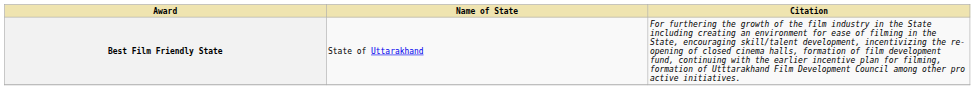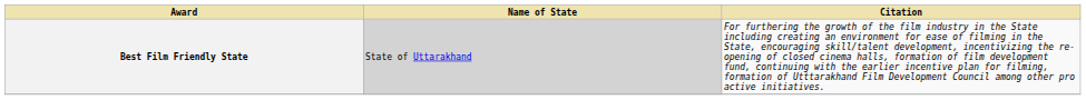 <table class="wikitable plainrowheaders" style="width:100%;">
 <tr>
 <th style="background-color:#EFE4B0;width:20%;">Award</th>
 <th style="background-color:#EFE4B0;width:20%;">Name of State</th>
 <th style="background-color:#EFE4B0;width:20%;">Citation</th>
 </tr>
 <tr>
 <th scope="row">Best Film Friendly State</th>
-<td>State of <a href='#'>Uttarakhand</a></td>
+<td style="background: lightgrey;">State of <a href='#'>Uttarakhand</a></td>
 <td><em>For furthering the growth of the film industry in the State including creating an environment for ease of filming in the State, encouraging skill/talent development, incentivizing the re-opening of closed cinema halls, formation of film development fund, continuing with the earlier incentive plan for filming, formation of Utttarakhand Film Development Council among other pro active initiatives.</em></td>
 </tr>
 <tr>
 </tr>
 </table>
